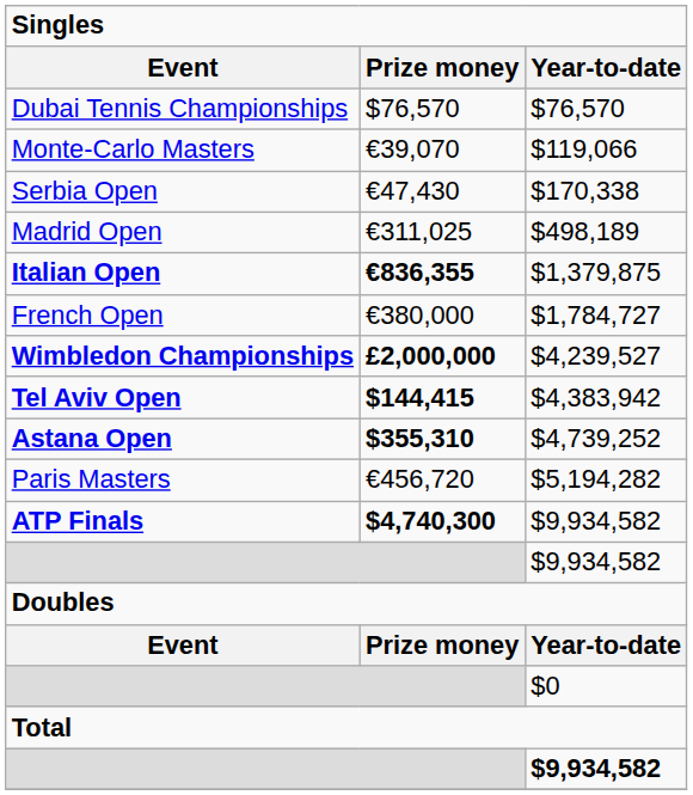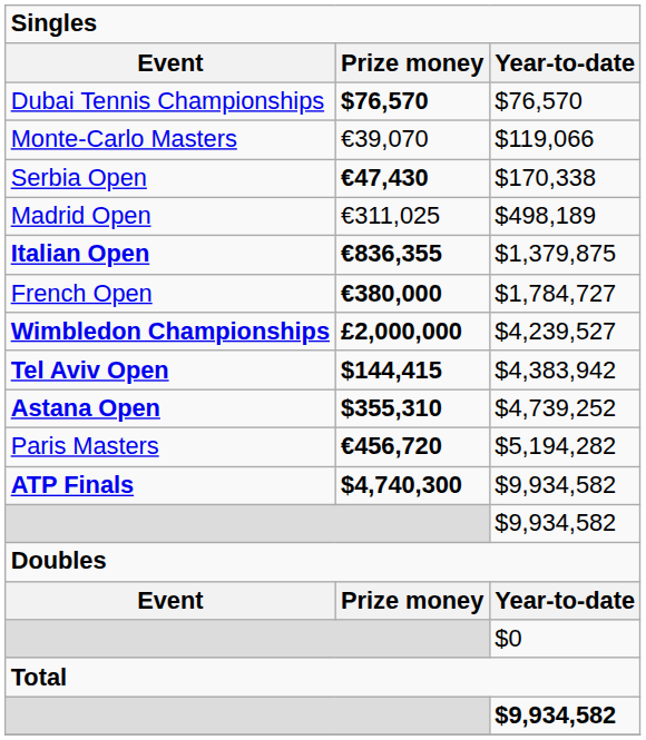 <table class="wikitable sortable">
 <tr>
 <td colspan=3><strong>Singles</strong></td>
 </tr>
 <tr>
 <th>Event</th>
 <th>Prize money</th>
 <th>Year-to-date</th>
 </tr>
 <tr>
 <td><a href='#'>Dubai Tennis Championships</a></td>
-<td>$76,570</td>
+<td><strong>$76,570</strong></td>
 <td>$76,570</td>
 </tr>
 <tr>
 <td><a href='#'>Monte-Carlo Masters</a></td>
 <td>€39,070</td>
 <td>$119,066</td>
 </tr>
 <tr>
 <td><a href='#'>Serbia Open</a></td>
-<td>€47,430</td>
+<td><strong>€47,430</strong></td>
 <td>$170,338</td>
 </tr>
 <tr>
 <td><a href='#'>Madrid Open</a></td>
 <td>€311,025</td>
 <td>$498,189</td>
 </tr>
 <tr>
 <td><strong><a href='#'>Italian Open</a></strong></td>
 <td><strong>€836,355</strong></td>
 <td>$1,379,875</td>
 </tr>
 <tr>
 <td><a href='#'>French Open</a></td>
-<td>€380,000</td>
+<td><strong>€380,000</strong></td>
 <td>$1,784,727</td>
 </tr>
 <tr>
 <td><strong><a href='#'>Wimbledon Championships</a></strong></td>
 <td><strong>£2,000,000</strong></td>
 <td>$4,239,527</td>
 </tr>
 <tr>
 <td><strong><a href='#'>Tel Aviv Open</a></strong></td>
 <td><strong>$144,415</strong></td>
 <td>$4,383,942</td>
 </tr>
 <tr>
 <td><strong><a href='#'>Astana Open</a></strong></td>
 <td><strong>$355,310</strong></td>
 <td>$4,739,252</td>
 </tr>
 <tr>
 <td><a href='#'>Paris Masters</a></td>
-<td>€456,720</td>
+<td><strong>€456,720</strong></td>
 <td>$5,194,282</td>
 </tr>
 <tr>
 <td><strong><a href='#'>ATP Finals</a></strong></td>
 <td><strong>$4,740,300</strong></td>
 <td>$9,934,582</td>
 </tr>
 <tr class="sortbottom">
 <td colspan=2 bgcolor=#DCDCDC></td>
 <td>$9,934,582</td>
 </tr>
 <tr>
 <td colspan=3><strong>Doubles</strong></td>
 </tr>
 <tr>
 <th>Event</th>
 <th>Prize money</th>
 <th>Year-to-date</th>
 </tr>
 <tr>
 <td colspan=2 bgcolor=#DCDCDC></td>
 <td>$0</td>
 </tr>
 <tr>
 <td colspan=3><strong>Total</strong></td>
 </tr>
 <tr class="sortbottom">
 <td colspan=2 bgcolor=#DCDCDC></td>
 <td><strong>$9,934,582</strong></td>
 </tr>
 <tr>
 </tr>
 </table>
